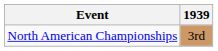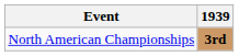 <table class="wikitable">
 <tr>
 <th>Event</th>
 <th>1939</th>
 </tr>
 <tr>
 <td><a href='#'>North American Championships</a></td>
-<td style="text-align:center; background:#c96;">3rd</td>
+<td style="text-align:center; background:#c96;"><strong>3rd</strong></td>
 </tr>
 </table>
